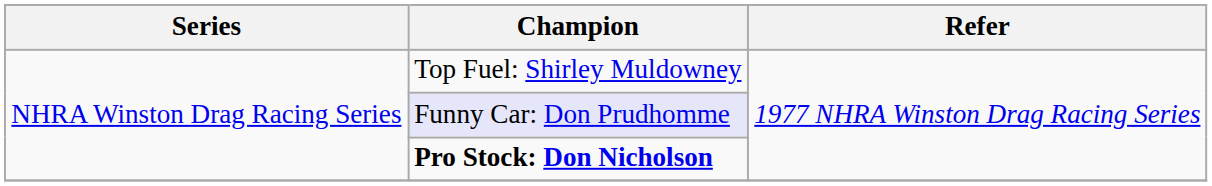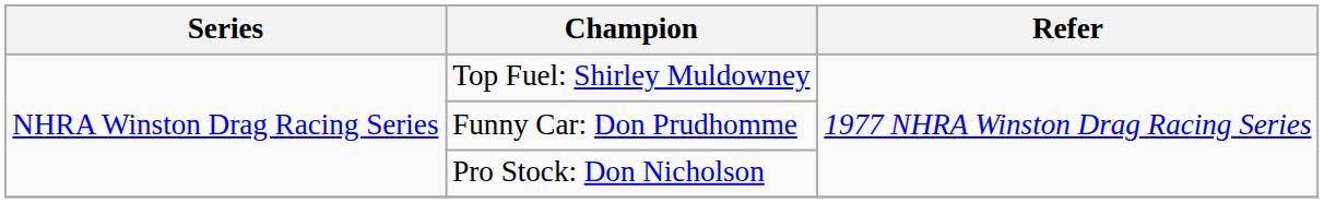 <table class="wikitable" style="font-size:87%;">
 <tr>
 <th>Series</th>
 <th>Champion</th>
 <th>Refer</th>
 </tr>
 <tr>
 <td rowspan=3><a href='#'>NHRA Winston Drag Racing Series</a></td>
 <td>Top Fuel:  <a href='#'>Shirley Muldowney</a></td>
 <td rowspan=3><em><a href='#'>1977 NHRA Winston Drag Racing Series</a></em></td>
 </tr>
 <tr>
-<td style="background: lavender;">Funny Car:  <a href='#'>Don Prudhomme</a></td>
+<td>Funny Car:  <a href='#'>Don Prudhomme</a></td>
 </tr>
 <tr>
-<td><strong>Pro Stock:  <a href='#'>Don Nicholson</a></strong></td>
+<td>Pro Stock:  <a href='#'>Don Nicholson</a></td>
 </tr>
 <tr>
 </tr>
 </table>
